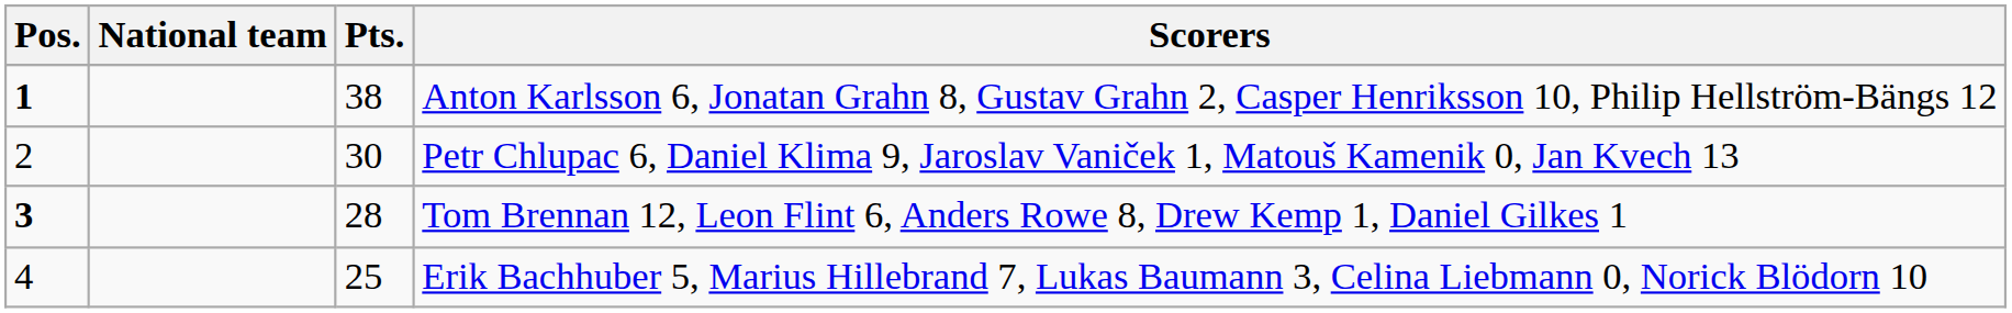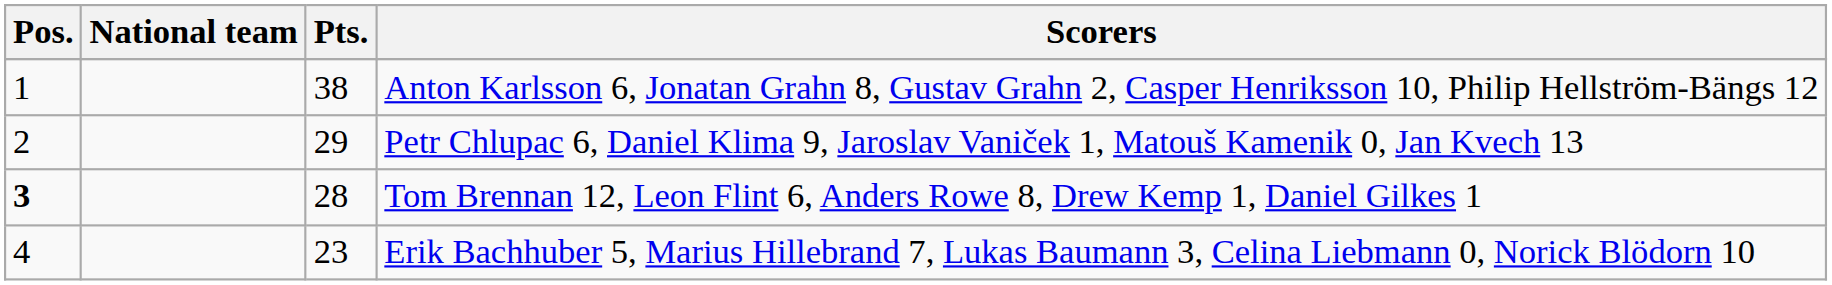 <table class=wikitable>
 <tr>
 <th>Pos.</th>
 <th>National team</th>
 <th>Pts.</th>
 <th>Scorers</th>
 </tr>
 <tr>
 </tr>
 <tr>
-<td><strong>1</strong></td>
+<td>1</td>
 <td align=left></td>
 <td>38</td>
 <td><a href='#'>Anton Karlsson</a>	6, <a href='#'>Jonatan Grahn</a>	8, <a href='#'>Gustav Grahn</a>	2, <a href='#'>Casper Henriksson</a>	10, Philip Hellström-Bängs	12</td>
 </tr>
 <tr>
 <td>2</td>
 <td align=left></td>
-<td>30</td>
+<td>29</td>
 <td><a href='#'>Petr Chlupac</a>	6, <a href='#'>Daniel Klima</a>	9, <a href='#'>Jaroslav Vaniček</a>	1, <a href='#'>Matouš Kamenik</a>	0, <a href='#'>Jan Kvech</a>	13</td>
 </tr>
 <tr>
 <td><strong>3</strong></td>
 <td align=left></td>
 <td>28</td>
 <td><a href='#'>Tom Brennan</a>	12, <a href='#'>Leon Flint</a>	6, <a href='#'>Anders Rowe</a>	8, <a href='#'>Drew Kemp</a>	1, <a href='#'>Daniel Gilkes</a>	1</td>
 </tr>
 <tr>
 <td>4</td>
 <td align=left></td>
-<td>25</td>
+<td>23</td>
 <td><a href='#'>Erik Bachhuber</a>	5, <a href='#'>Marius Hillebrand</a>	7, <a href='#'>Lukas Baumann</a>	3, <a href='#'>Celina Liebmann</a>	0, <a href='#'>Norick Blödorn</a>	10</td>
 </tr>
 </table>
